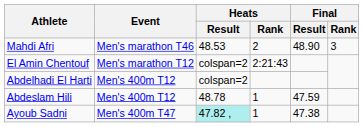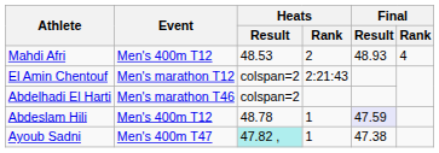 <table class=wikitable style="font-size:95%">
 <tr>
 <th rowspan="2">Athlete</th>
 <th rowspan="2">Event</th>
 <th colspan="2">Heats</th>
 <th colspan="3">Final</th>
 </tr>
 <tr>
 <th>Result</th>
 <th>Rank</th>
 <th>Result</th>
 <th>Rank</th>
 </tr>
 <tr>
 <td><a href='#'>Mahdi Afri</a></td>
-<td><a href='#'>Men's marathon T46</a></td>
+<td><a href='#'>Men's 400m T12</a></td>
 <td>48.53	 <strong></strong></td>
 <td>2</td>
-<td>48.90</td>
-<td>3</td>
+<td>48.93</td>
+<td>4</td>
 </tr>
 <tr>
 <td><a href='#'>El Amin Chentouf</a></td>
 <td><a href='#'>Men's marathon T12</a></td>
 <td>colspan=2 </td>
 <td>2:21:43 </td>
 <td></td>
 </tr>
 <tr>
 <td><a href='#'>Abdelhadi El Harti</a></td>
-<td><a href='#'>Men's 400m T12</a></td>
+<td><a href='#'>Men's marathon T46</a></td>
 <td>colspan=2 </td>
 <td></td>
 <td></td>
 </tr>
 <tr>
 <td><a href='#'>Abdeslam Hili</a></td>
 <td><a href='#'>Men's 400m T12</a></td>
 <td>48.78  <strong></strong></td>
 <td>1</td>
-<td>47.59	<strong></strong></td>
+<td style="background: lavender;">47.59	<strong></strong></td>
 <td></td>
 </tr>
 <tr>
 <td><a href='#'>Ayoub Sadni</a></td>
 <td><a href='#'>Men's 400m T47</a></td>
 <td style="background: paleturquoise;">47.82 , </td>
 <td>1</td>
 <td>47.38 </td>
 <td></td>
 </tr>
 </table>
